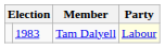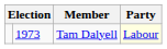 <table class="wikitable">
 <tr>
 <th colspan="2">Election</th>
 <th>Member</th>
 <th>Party</th>
 </tr>
 <tr>
 <td style="color:inherit;background-color: "></td>
-<td><a href='#'>1983</a></td>
+<td><a href='#'>1973</a></td>
 <td><a href='#'>Tam Dalyell</a></td>
 <td style="background: lightyellow;"><a href='#'>Labour</a></td>
 </tr>
 </table>
